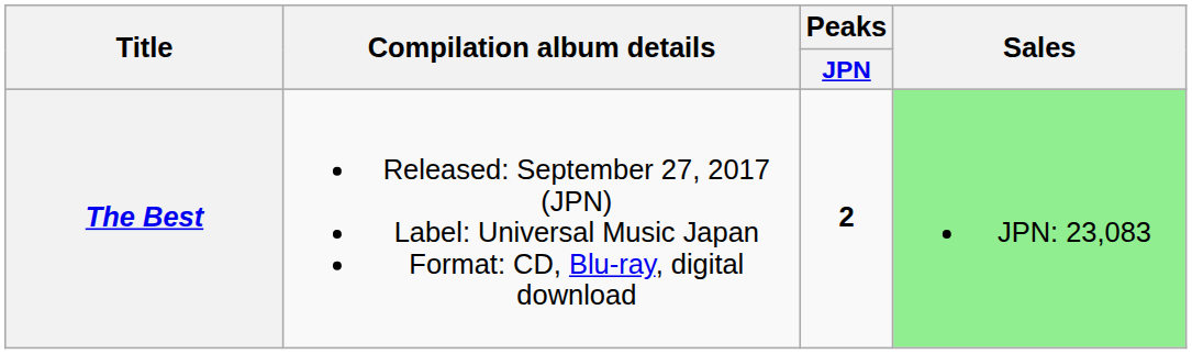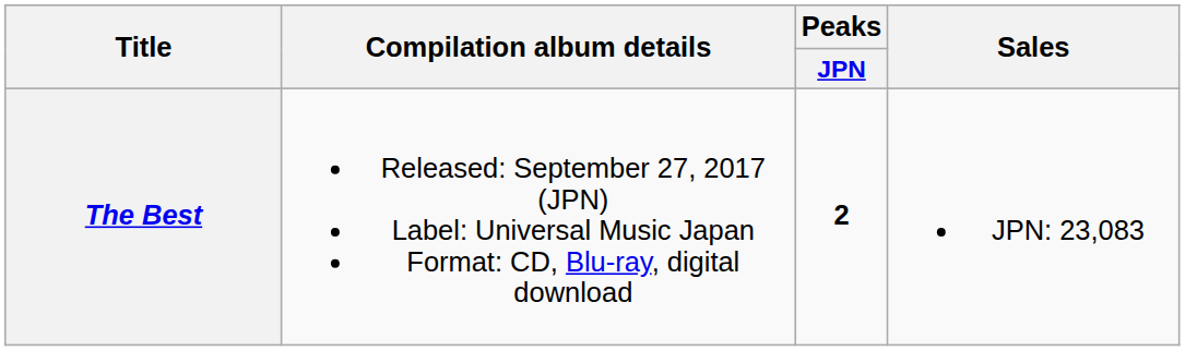 <table class="wikitable plainrowheaders" style="text-align:center;">
 <tr>
 <th scope="col" rowspan="2" style="width:9.5em;">Title</th>
 <th scope="col" rowspan="2" style="width:18em;">Compilation album details</th>
 <th scope="col" colspan="1">Peaks</th>
 <th scope="col" rowspan="2" style="width:10em;">Sales</th>
 </tr>
 <tr>
 <th scope="col" style="width:2.5em;font-size:90%;"><a href='#'>JPN</a><br></th>
 </tr>
 <tr>
 <th scope="row"><em><a href='#'>The Best</a></em></th>
 <td><br><ul><li>Released: September 27, 2017 <span>(JPN)</span></li><li>Label: Universal Music Japan</li><li>Format: CD, <a href='#'>Blu-ray</a>, digital download</li></ul></td>
 <td><strong>2</strong></td>
-<td style="background: lightgreen;"><br><ul><li>JPN: 23,083</li></ul></td>
+<td><br><ul><li>JPN: 23,083</li></ul></td>
 </tr>
 </table>
